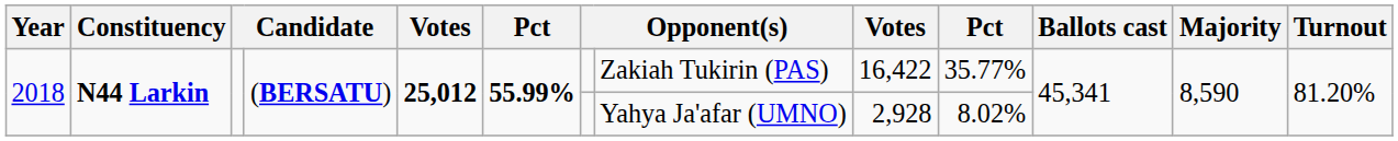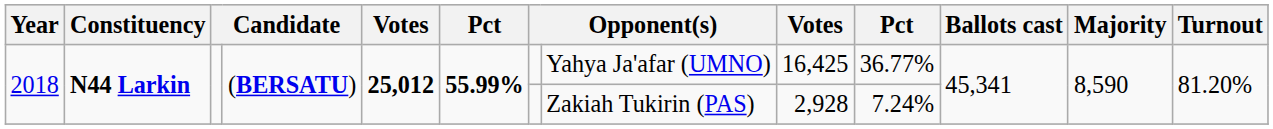 <table class="wikitable" style="margin:0.5em ; font-size:95%">
 <tr>
 <th>Year</th>
 <th>Constituency</th>
 <th colspan=2>Candidate</th>
 <th>Votes</th>
 <th>Pct</th>
 <th colspan=2>Opponent(s)</th>
 <th>Votes</th>
 <th>Pct</th>
 <th>Ballots cast</th>
 <th>Majority</th>
 <th>Turnout</th>
 </tr>
 <tr>
 <td rowspan=2><a href='#'>2018</a></td>
 <td rowspan=2><strong>N44 <a href='#'>Larkin</a></strong></td>
 <td rowspan=2 ></td>
 <td rowspan=2> (<a href='#'><strong>BERSATU</strong></a>)</td>
 <td rowspan=2 align="right"><strong>25,012</strong></td>
 <td rowspan=2><strong>55.99%</strong></td>
 <td></td>
-<td>Zakiah Tukirin (<a href='#'>PAS</a>)</td>
-<td align="right">16,422</td>
-<td>35.77%</td>
+<td>Yahya Ja'afar (<a href='#'>UMNO</a>)</td>
+<td align="right">16,425</td>
+<td>36.77%</td>
 <td rowspan=2>45,341</td>
 <td rowspan=2>8,590</td>
 <td rowspan=2>81.20%</td>
 </tr>
 <tr>
 <td></td>
-<td>Yahya Ja'afar (<a href='#'>UMNO</a>)</td>
+<td>Zakiah Tukirin (<a href='#'>PAS</a>)</td>
 <td align="right">2,928</td>
-<td align="right">8.02%</td>
+<td align="right">7.24%</td>
 </tr>
 </table>
